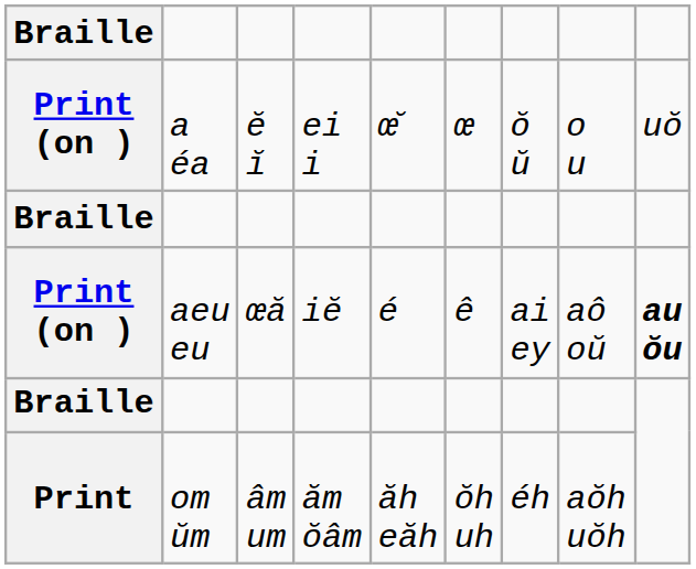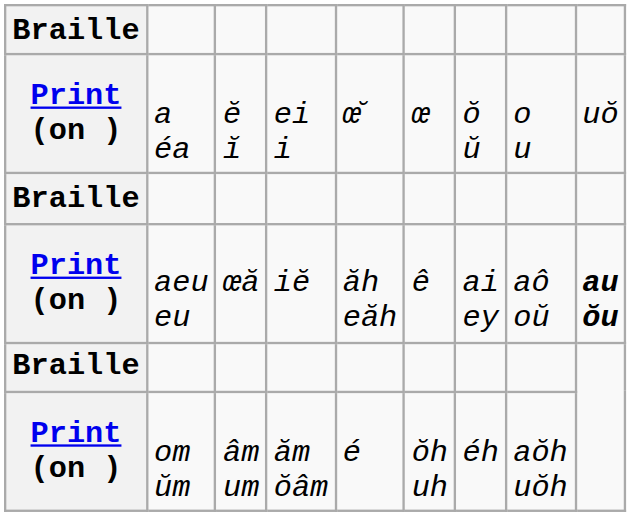 <table class="wikitable">
 <tr>
 <th>Braille</th>
 <td></td>
 <td></td>
 <td></td>
 <td></td>
 <td></td>
 <td></td>
 <td></td>
 <td></td>
 </tr>
 <tr>
 <th><a href='#'>Print</a><br>(on )</th>
 <td><br><em>a<br>éa</em></td>
 <td><br><em>ĕ<br>ĭ</em></td>
 <td><br><em>ei<br>i</em></td>
 <td><br><em>œ̆</em><br> </td>
 <td><br><em>œ</em><br> </td>
 <td><br><em>ŏ<br>ŭ</em></td>
 <td><br><em>o<br>u</em></td>
 <td><br><em>uŏ</em><br> </td>
 </tr>
 <tr>
 <th>Braille</th>
 <td></td>
 <td></td>
 <td></td>
 <td></td>
 <td></td>
 <td></td>
 <td></td>
 <td></td>
 </tr>
 <tr>
 <th><a href='#'>Print</a><br>(on )</th>
 <td><br><em>aeu<br>eu</em></td>
 <td><br><em>œă</em><br> </td>
 <td><br><em>iĕ</em><br> </td>
-<td><br><em>é</em><br> </td>
+<td><br><em>ăh<br>eăh</em></td>
 <td><br><em>ê</em><br> </td>
 <td><br><em>ai<br>ey</em></td>
 <td><br><em>aô<br>oŭ</em></td>
 <td><strong><br><em>au<br>ŏu</em></strong></td>
 </tr>
 <tr>
 <th>Braille</th>
 <td></td>
 <td></td>
 <td></td>
 <td></td>
 <td></td>
 <td></td>
 <td></td>
 </tr>
 <tr>
-<th>Print</th>
+<th><a href='#'>Print</a><br>(on )</th>
 <td><br><em>om<br>ŭm</em></td>
 <td><br><em>âm<br>um</em></td>
 <td><br><em>ăm<br>ŏâm</em></td>
-<td><br><em>ăh<br>eăh</em></td>
+<td><br><em>é</em><br> </td>
 <td><br><em>ŏh<br>uh</em></td>
 <td><br><em>éh</em><br> </td>
 <td><br><em>aŏh<br>uŏh</em></td>
 </tr>
 </table>
